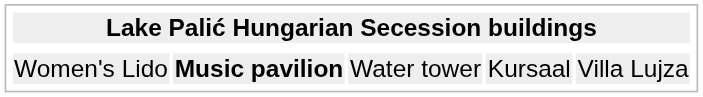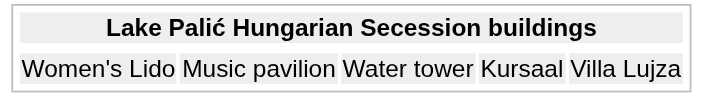 <table style="margin:1em auto; padding:2px; border: 1px solid #BBB; text-align:center; font-size:90%">
 <tr>
 <th colspan="5" style="background:#EEE">Lake Palić Hungarian Secession buildings</th>
 </tr>
 <tr>
 <td></td>
 <td></td>
 <td></td>
 <td></td>
 <td></td>
 </tr>
 <tr style="background:#EEE">
 <td>Women's Lido</td>
-<td><strong>Music pavilion</strong></td>
+<td>Music pavilion</td>
 <td>Water tower</td>
 <td>Kursaal</td>
 <td>Villa Lujza</td>
 </tr>
 </table>
